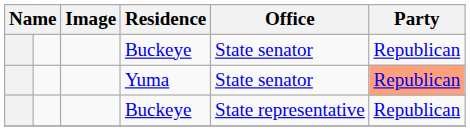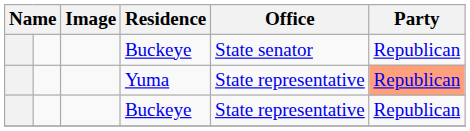 <table class="sortable wikitable">
 <tr valign=bottom>
 <th colspan="2">Name</th>
 <th>Image</th>
 <th>Residence</th>
 <th>Office</th>
 <th>Party</th>
 </tr>
 <tr>
 <th style="background-color:  "></th>
 <td></td>
 <td></td>
 <td><a href='#'>Buckeye</a></td>
 <td><a href='#'>State senator</a></td>
 <td><a href='#'>Republican</a></td>
 </tr>
 <tr>
 <th style="background-color:  "></th>
 <td></td>
 <td></td>
 <td><a href='#'>Yuma</a></td>
-<td><a href='#'>State senator</a></td>
+<td><a href='#'>State representative</a></td>
 <td style="background: lightsalmon;"><a href='#'>Republican</a></td>
 </tr>
 <tr>
 <th style="background-color:  "></th>
 <td></td>
 <td></td>
 <td><a href='#'>Buckeye</a></td>
 <td><a href='#'>State representative</a></td>
 <td><a href='#'>Republican</a></td>
 </tr>
 <tr>
 </tr>
 </table>
